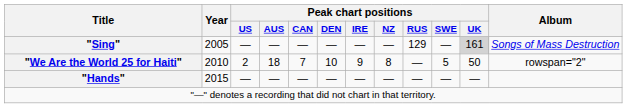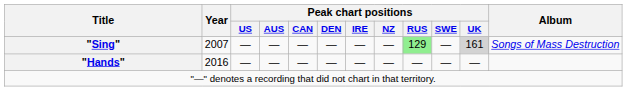 <table class="wikitable plainrowheaders" style="text-align:center;">
 <tr>
 <th scope="col" rowspan="2" style="width:18em;">Title</th>
 <th scope="col" rowspan="2">Year</th>
 <th scope="col" colspan="9">Peak chart positions</th>
 <th scope="col" rowspan="2">Album</th>
 </tr>
 <tr>
 <th scope="col" style="width:2.5em; font-size:90%;"><a href='#'>US</a><br></th>
 <th scope="col" style="width:2.5em; font-size:90%;"><a href='#'>AUS</a><br></th>
 <th scope="col" style="width:2.5em; font-size:90%;"><a href='#'>CAN</a><br></th>
 <th scope="col" style="width:2.5em; font-size:90%;"><a href='#'>DEN</a><br></th>
 <th scope="col" style="width:2.5em; font-size:90%;"><a href='#'>IRE</a><br></th>
 <th scope="col" style="width:2.5em; font-size:90%;"><a href='#'>NZ</a><br></th>
 <th scope="col" style="width:2.5em; font-size:90%;"><a href='#'>RUS</a><br></th>
 <th scope="col" style="width:2.5em; font-size:90%;"><a href='#'>SWE</a><br></th>
 <th scope="col" style="width:2.5em; font-size:90%;"><a href='#'>UK</a><br></th>
 </tr>
 <tr>
 <th scope="row">"<a href='#'>Sing</a>" <br> </th>
-<td>2005</td>
+<td>2007</td>
 <td>—</td>
 <td>—</td>
 <td>—</td>
 <td>—</td>
 <td>—</td>
 <td>—</td>
-<td>129</td>
+<td style="background: lightgreen;">129</td>
 <td>—</td>
 <td style="background: lightgrey;">161</td>
 <td><em><a href='#'>Songs of Mass Destruction</a></em></td>
 </tr>
 <tr>
-<th scope="row">"<a href='#'>We Are the World 25 for Haiti</a>" <br> </th>
-<td>2010</td>
-<td>2</td>
-<td>18</td>
-<td>7</td>
-<td>10</td>
-<td>9</td>
-<td>8</td>
-<td>—</td>
-<td>5</td>
-<td>50</td>
-<td>rowspan="2" </td>
-</tr>
-<tr>
 <th scope="row">"<a href='#'>Hands</a>" <br> </th>
-<td>2015</td>
+<td>2016</td>
 <td>—</td>
 <td>—</td>
 <td>—</td>
 <td>—</td>
 <td>—</td>
 <td>—</td>
 <td>—</td>
 <td>—</td>
 <td>—</td>
 </tr>
 <tr>
 <td colspan="12" style="font-size:90%">"—" denotes a recording that did not chart in that territory.</td>
 </tr>
 </table>
